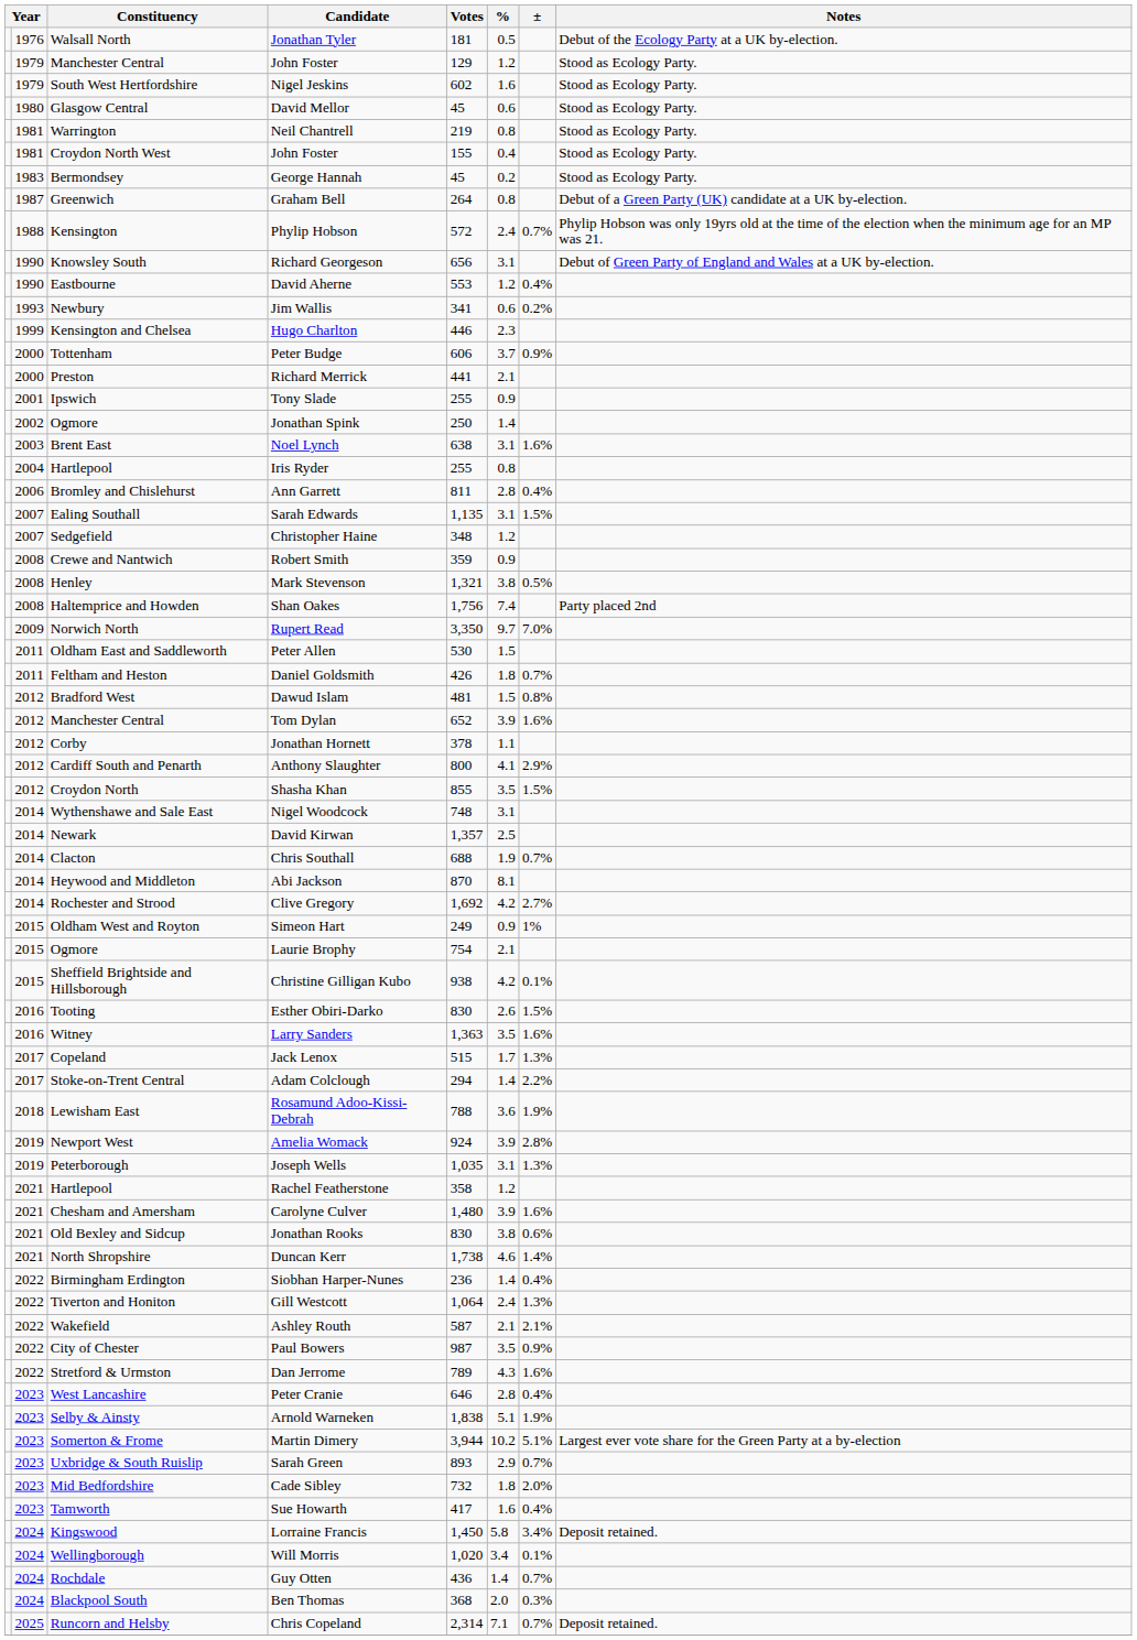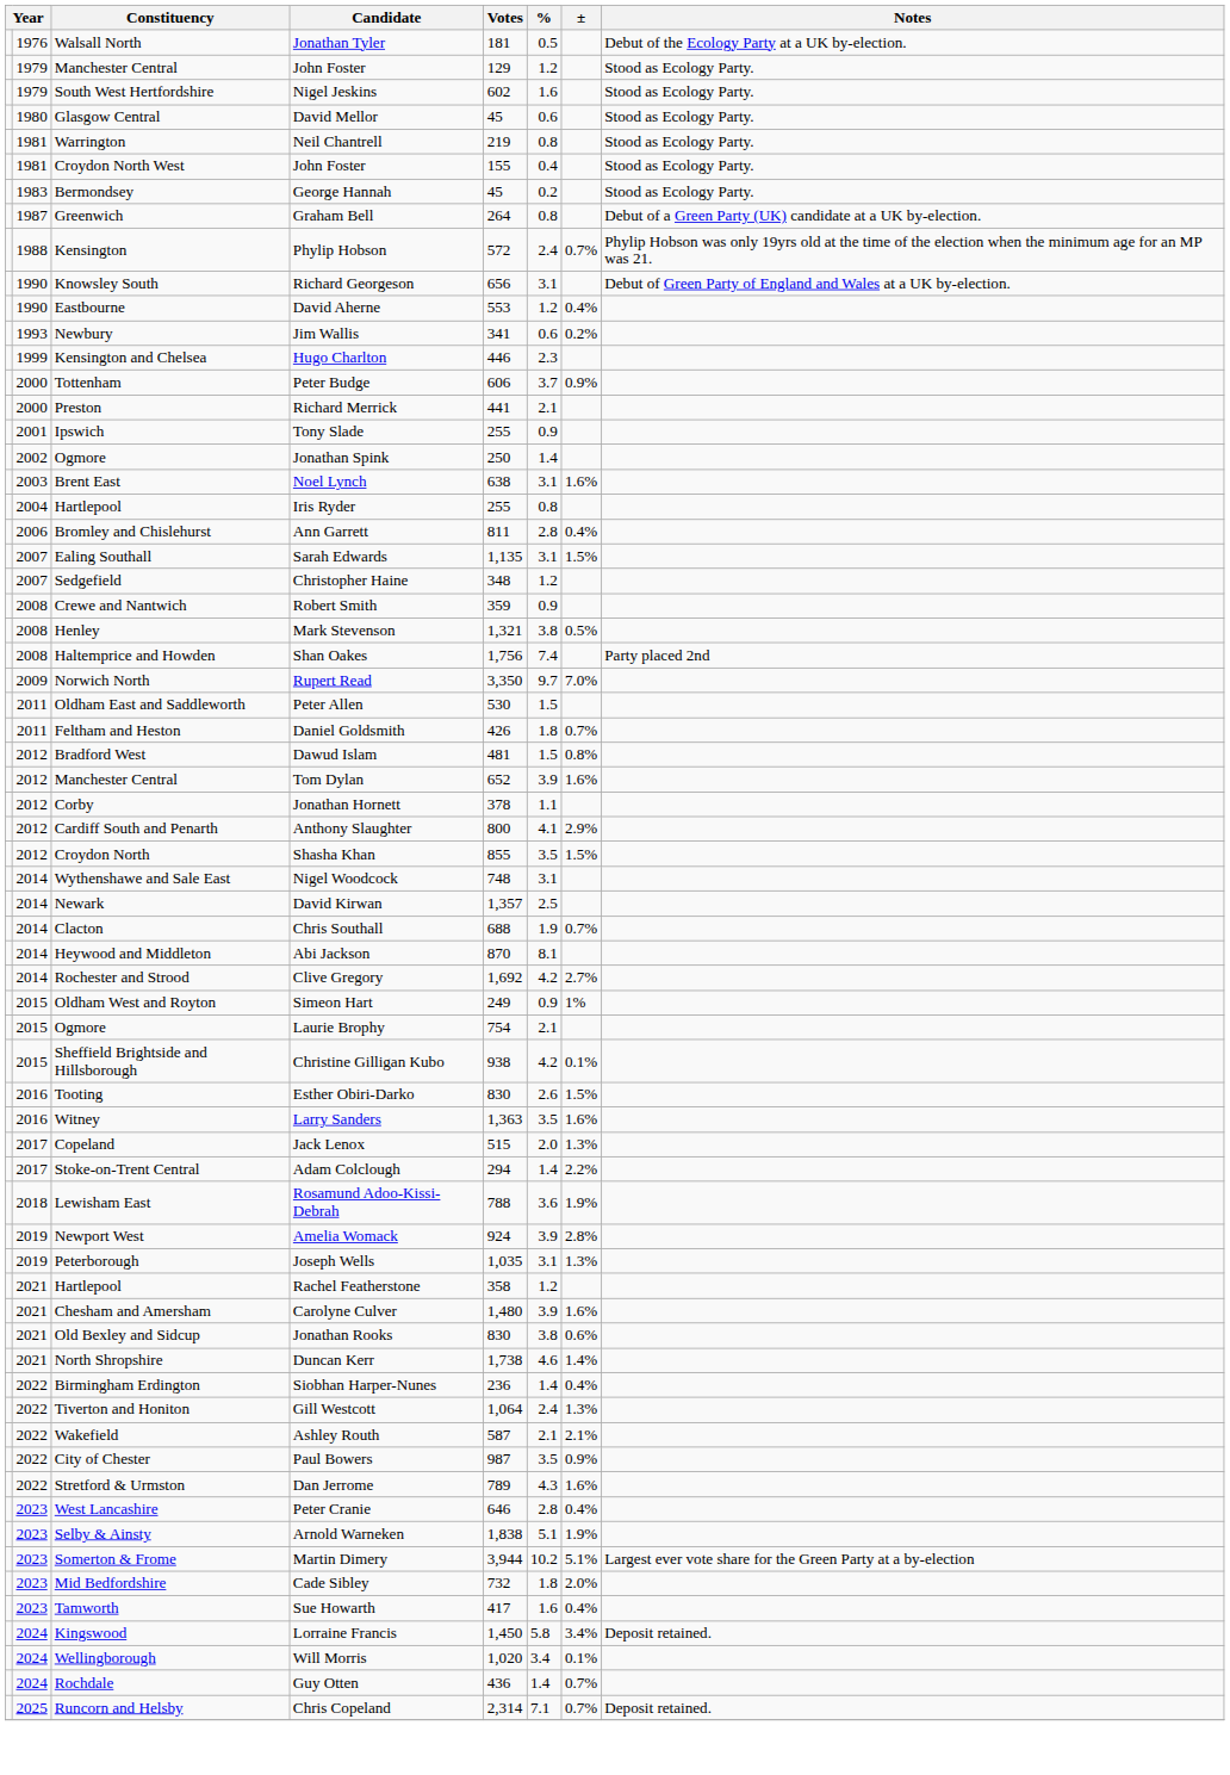 <table class="wikitable sortable ">
 <tr>
 <th colspan="2">Year</th>
 <th>Constituency</th>
 <th>Candidate</th>
 <th>Votes</th>
 <th>%</th>
 <th>±</th>
 <th>Notes</th>
 </tr>
 <tr>
 <td style="color:inherit;background:"></td>
 <td style="text-align:right">1976</td>
 <td>Walsall North</td>
 <td><a href='#'>Jonathan Tyler</a></td>
 <td>181</td>
 <td style="text-align:right">0.5</td>
 <td></td>
 <td>Debut of the <a href='#'>Ecology Party</a> at a UK by-election.</td>
 </tr>
 <tr>
 <td style="color:inherit;background:"></td>
 <td style="text-align:right">1979</td>
 <td>Manchester Central</td>
 <td>John Foster</td>
 <td>129</td>
 <td style="text-align:right">1.2</td>
 <td></td>
 <td>Stood as Ecology Party.</td>
 </tr>
 <tr>
 <td style="color:inherit;background:"></td>
 <td style="text-align:right">1979</td>
 <td>South West Hertfordshire</td>
 <td>Nigel Jeskins</td>
 <td>602</td>
 <td style="text-align:right">1.6</td>
 <td></td>
 <td>Stood as Ecology Party.</td>
 </tr>
 <tr>
 <td style="color:inherit;background:"></td>
 <td style="text-align:right">1980</td>
 <td>Glasgow Central</td>
 <td>David Mellor</td>
 <td>45</td>
 <td style="text-align:right">0.6</td>
 <td></td>
 <td>Stood as Ecology Party.</td>
 </tr>
 <tr>
 <td style="color:inherit;background:"></td>
 <td style="text-align:right">1981</td>
 <td>Warrington</td>
 <td>Neil Chantrell</td>
 <td>219</td>
 <td style="text-align:right">0.8</td>
 <td></td>
 <td>Stood as Ecology Party.</td>
 </tr>
 <tr>
 <td style="color:inherit;background:"></td>
 <td style="text-align:right">1981</td>
 <td>Croydon North West</td>
 <td>John Foster</td>
 <td>155</td>
 <td style="text-align:right">0.4</td>
 <td></td>
 <td>Stood as Ecology Party.</td>
 </tr>
 <tr>
 <td style="color:inherit;background:"></td>
 <td style="text-align:right">1983</td>
 <td>Bermondsey</td>
 <td>George Hannah</td>
 <td>45</td>
 <td style="text-align:right">0.2</td>
 <td></td>
 <td>Stood as Ecology Party.</td>
 </tr>
 <tr>
 <td style="color:inherit;background:"></td>
 <td style="text-align:right">1987</td>
 <td>Greenwich</td>
 <td>Graham Bell</td>
 <td>264</td>
 <td style="text-align:right">0.8</td>
 <td></td>
 <td>Debut of a <a href='#'>Green Party (UK)</a> candidate at a UK by-election.</td>
 </tr>
 <tr>
 <td style="color:inherit;background:"></td>
 <td style="text-align:right">1988</td>
 <td>Kensington</td>
 <td>Phylip Hobson</td>
 <td>572</td>
 <td style="text-align:right">2.4</td>
 <td>0.7%</td>
 <td>Phylip Hobson was only 19yrs old at the time of the election when the minimum age for an MP was 21.</td>
 </tr>
 <tr>
 <td style="color:inherit;background:"></td>
 <td style="text-align:right">1990</td>
 <td>Knowsley South</td>
 <td>Richard Georgeson</td>
 <td>656</td>
 <td style="text-align:right">3.1</td>
 <td></td>
 <td>Debut of <a href='#'>Green Party of England and Wales</a> at a UK by-election.</td>
 </tr>
 <tr>
 <td style="color:inherit;background:"></td>
 <td style="text-align:right">1990</td>
 <td>Eastbourne</td>
 <td>David Aherne</td>
 <td>553</td>
 <td style="text-align:right">1.2</td>
 <td>0.4%</td>
 <td></td>
 </tr>
 <tr>
 <td style="color:inherit;background:"></td>
 <td style="text-align:right">1993</td>
 <td>Newbury</td>
 <td>Jim Wallis</td>
 <td>341</td>
 <td style="text-align:right">0.6</td>
 <td>0.2%</td>
 <td></td>
 </tr>
 <tr>
 <td style="color:inherit;background:"></td>
 <td style="text-align:right">1999</td>
 <td>Kensington and Chelsea</td>
 <td><a href='#'>Hugo Charlton</a></td>
 <td>446</td>
 <td style="text-align:right">2.3</td>
 <td></td>
 <td></td>
 </tr>
 <tr>
 <td style="color:inherit;background:"></td>
 <td style="text-align:right">2000</td>
 <td>Tottenham</td>
 <td>Peter Budge</td>
 <td>606</td>
 <td style="text-align:right">3.7</td>
 <td>0.9%</td>
 <td></td>
 </tr>
 <tr>
 <td style="color:inherit;background:"></td>
 <td style="text-align:right">2000</td>
 <td>Preston</td>
 <td>Richard Merrick</td>
 <td>441</td>
 <td style="text-align:right">2.1</td>
 <td></td>
 <td></td>
 </tr>
 <tr>
 <td style="color:inherit;background:"></td>
 <td style="text-align:right">2001</td>
 <td>Ipswich</td>
 <td>Tony Slade</td>
 <td>255</td>
 <td style="text-align:right">0.9</td>
 <td></td>
 <td></td>
 </tr>
 <tr>
 <td style="color:inherit;background:"></td>
 <td style="text-align:right">2002</td>
 <td>Ogmore</td>
 <td>Jonathan Spink</td>
 <td>250</td>
 <td style="text-align:right">1.4</td>
 <td></td>
 <td></td>
 </tr>
 <tr>
 <td style="color:inherit;background:"></td>
 <td style="text-align:right">2003</td>
 <td>Brent East</td>
 <td><a href='#'>Noel Lynch</a></td>
 <td>638</td>
 <td style="text-align:right">3.1</td>
 <td>1.6%</td>
 <td></td>
 </tr>
 <tr>
 <td style="color:inherit;background:"></td>
 <td style="text-align:right">2004</td>
 <td>Hartlepool</td>
 <td>Iris Ryder</td>
 <td>255</td>
 <td style="text-align:right">0.8</td>
 <td></td>
 <td></td>
 </tr>
 <tr>
 <td style="color:inherit;background:"></td>
 <td style="text-align:right">2006</td>
 <td>Bromley and Chislehurst</td>
 <td>Ann Garrett</td>
 <td>811</td>
 <td style="text-align:right">2.8</td>
 <td>0.4%</td>
 <td></td>
 </tr>
 <tr>
 <td style="color:inherit;background:"></td>
 <td style="text-align:right">2007</td>
 <td>Ealing Southall</td>
 <td>Sarah Edwards</td>
 <td>1,135</td>
 <td style="text-align:right">3.1</td>
 <td>1.5%</td>
 <td></td>
 </tr>
 <tr>
 <td style="color:inherit;background:"></td>
 <td style="text-align:right">2007</td>
 <td>Sedgefield</td>
 <td>Christopher Haine</td>
 <td>348</td>
 <td style="text-align:right">1.2</td>
 <td></td>
 <td></td>
 </tr>
 <tr>
 <td style="color:inherit;background:"></td>
 <td style="text-align:right">2008</td>
 <td>Crewe and Nantwich</td>
 <td>Robert Smith</td>
 <td>359</td>
 <td style="text-align:right">0.9</td>
 <td></td>
 <td></td>
 </tr>
 <tr>
 <td style="color:inherit;background:"></td>
 <td style="text-align:right">2008</td>
 <td>Henley</td>
 <td>Mark Stevenson</td>
 <td>1,321</td>
 <td style="text-align:right">3.8</td>
 <td>0.5%</td>
 <td></td>
 </tr>
 <tr>
 <td style="color:inherit;background:"></td>
 <td style="text-align:right">2008</td>
 <td>Haltemprice and Howden</td>
 <td>Shan Oakes</td>
 <td>1,756</td>
 <td style="text-align:right">7.4</td>
 <td></td>
 <td>Party placed 2nd</td>
 </tr>
 <tr>
 <td style="color:inherit;background:"></td>
 <td style="text-align:right">2009</td>
 <td>Norwich North</td>
 <td><a href='#'>Rupert Read</a></td>
 <td>3,350</td>
 <td style="text-align:right">9.7</td>
 <td>7.0%</td>
 <td></td>
 </tr>
 <tr>
 <td style="color:inherit;background:"></td>
 <td style="text-align:right">2011</td>
 <td>Oldham East and Saddleworth</td>
 <td>Peter Allen</td>
 <td>530</td>
 <td style="text-align:right">1.5</td>
 <td></td>
 <td></td>
 </tr>
 <tr>
 <td style="color:inherit;background:"></td>
 <td style="text-align:right">2011</td>
 <td>Feltham and Heston</td>
 <td>Daniel Goldsmith</td>
 <td>426</td>
 <td style="text-align:right">1.8</td>
 <td>0.7%</td>
 <td></td>
 </tr>
 <tr>
 <td style="color:inherit;background:"></td>
 <td style="text-align:right">2012</td>
 <td>Bradford West</td>
 <td>Dawud Islam</td>
 <td>481</td>
 <td style="text-align:right">1.5</td>
 <td>0.8%</td>
 <td></td>
 </tr>
 <tr>
 <td style="color:inherit;background:"></td>
 <td style="text-align:right">2012</td>
 <td>Manchester Central</td>
 <td>Tom Dylan</td>
 <td>652</td>
 <td style="text-align:right">3.9</td>
 <td>1.6%</td>
 <td></td>
 </tr>
 <tr>
 <td style="color:inherit;background:"></td>
 <td style="text-align:right">2012</td>
 <td>Corby</td>
 <td>Jonathan Hornett</td>
 <td>378</td>
 <td style="text-align:right">1.1</td>
 <td></td>
 <td></td>
 </tr>
 <tr>
 <td style="color:inherit;background:"></td>
 <td style="text-align:right">2012</td>
 <td>Cardiff South and Penarth</td>
 <td>Anthony Slaughter</td>
 <td>800</td>
 <td style="text-align:right">4.1</td>
 <td>2.9%</td>
 <td></td>
 </tr>
 <tr>
 <td style="color:inherit;background:"></td>
 <td style="text-align:right">2012</td>
 <td>Croydon North</td>
 <td>Shasha Khan</td>
 <td>855</td>
 <td style="text-align:right">3.5</td>
 <td>1.5%</td>
 <td></td>
 </tr>
 <tr>
 <td style="color:inherit;background:"></td>
 <td style="text-align:right">2014</td>
 <td>Wythenshawe and Sale East</td>
 <td>Nigel Woodcock</td>
 <td>748</td>
 <td style="text-align:right">3.1</td>
 <td></td>
 <td></td>
 </tr>
 <tr>
 <td style="color:inherit;background:"></td>
 <td style="text-align:right">2014</td>
 <td>Newark</td>
 <td>David Kirwan</td>
 <td>1,357</td>
 <td style="text-align:right">2.5</td>
 <td></td>
 <td></td>
 </tr>
 <tr>
 <td style="color:inherit;background:"></td>
 <td style="text-align:right">2014</td>
 <td>Clacton</td>
 <td>Chris Southall</td>
 <td>688</td>
 <td style="text-align:right">1.9</td>
 <td>0.7%</td>
 <td></td>
 </tr>
 <tr>
 <td style="color:inherit;background:"></td>
 <td style="text-align:right">2014</td>
 <td>Heywood and Middleton</td>
 <td>Abi Jackson</td>
 <td>870</td>
 <td style="text-align:right">8.1</td>
 <td></td>
 <td></td>
 </tr>
 <tr>
 <td style="color:inherit;background:"></td>
 <td style="text-align:right">2014</td>
 <td>Rochester and Strood</td>
 <td>Clive Gregory</td>
 <td>1,692</td>
 <td style="text-align:right">4.2</td>
 <td>2.7%</td>
 <td></td>
 </tr>
 <tr>
 <td style="color:inherit;background:"></td>
 <td style="text-align:right">2015</td>
 <td>Oldham West and Royton</td>
 <td>Simeon Hart</td>
 <td>249</td>
 <td style="text-align:right">0.9</td>
 <td>1%</td>
 <td></td>
 </tr>
 <tr>
 <td style="color:inherit;background:"></td>
 <td style="text-align:right">2015</td>
 <td>Ogmore</td>
 <td>Laurie Brophy</td>
 <td>754</td>
 <td style="text-align:right">2.1</td>
 <td></td>
 <td></td>
 </tr>
 <tr>
 <td style="color:inherit;background:"></td>
 <td style="text-align:right">2015</td>
 <td>Sheffield Brightside and Hillsborough</td>
 <td>Christine Gilligan Kubo</td>
 <td>938</td>
 <td style="text-align:right">4.2</td>
 <td>0.1%</td>
 <td></td>
 </tr>
 <tr>
 <td style="color:inherit;background:"></td>
 <td style="text-align:right">2016</td>
 <td>Tooting</td>
 <td>Esther Obiri-Darko</td>
 <td>830</td>
 <td style="text-align:right">2.6</td>
 <td>1.5%</td>
 <td></td>
 </tr>
 <tr>
 <td style="color:inherit;background:"></td>
 <td style="text-align:right">2016</td>
 <td>Witney</td>
 <td><a href='#'>Larry Sanders</a></td>
 <td>1,363</td>
 <td style="text-align:right">3.5</td>
 <td>1.6%</td>
 <td></td>
 </tr>
 <tr>
 <td style="color:inherit;background:"></td>
 <td style="text-align:right">2017</td>
 <td>Copeland</td>
 <td>Jack Lenox</td>
 <td>515</td>
-<td style="text-align:right">1.7</td>
+<td style="text-align:right">2.0</td>
 <td>1.3%</td>
 <td></td>
 </tr>
 <tr>
 <td style="color:inherit;background:"></td>
 <td style="text-align:right">2017</td>
 <td>Stoke-on-Trent Central</td>
 <td>Adam Colclough</td>
 <td>294</td>
 <td style="text-align:right">1.4</td>
 <td>2.2%</td>
 <td></td>
 </tr>
 <tr>
 <td style="color:inherit;background:"></td>
 <td style="text-align:right">2018</td>
 <td>Lewisham East</td>
 <td><a href='#'>Rosamund Adoo-Kissi-Debrah</a></td>
 <td>788</td>
 <td style="text-align:right">3.6</td>
 <td>1.9%</td>
 <td></td>
 </tr>
 <tr>
 <td style="color:inherit;background:"></td>
 <td style="text-align:right">2019</td>
 <td>Newport West</td>
 <td><a href='#'>Amelia Womack</a></td>
 <td>924</td>
 <td style="text-align:right">3.9</td>
 <td>2.8%</td>
 <td></td>
 </tr>
 <tr>
 <td style="color:inherit;background:"></td>
 <td style="text-align:right">2019</td>
 <td>Peterborough</td>
 <td>Joseph Wells</td>
 <td>1,035</td>
 <td style="text-align:right">3.1</td>
 <td>1.3%</td>
 <td></td>
 </tr>
 <tr>
 <td style="color:inherit;background:"></td>
 <td style="text-align:right">2021</td>
 <td>Hartlepool</td>
 <td>Rachel Featherstone</td>
 <td>358</td>
 <td style="text-align:right">1.2</td>
 <td></td>
 <td></td>
 </tr>
 <tr>
 <td style="color:inherit;background:"></td>
 <td style="text-align:right">2021</td>
 <td>Chesham and Amersham</td>
 <td>Carolyne Culver</td>
 <td>1,480</td>
 <td style="text-align:right">3.9</td>
 <td>1.6%</td>
 <td></td>
 </tr>
 <tr>
 <td style="color:inherit;background:"></td>
 <td style="text-align:right">2021</td>
 <td>Old Bexley and Sidcup</td>
 <td>Jonathan Rooks</td>
 <td>830</td>
 <td style="text-align:right">3.8</td>
 <td>0.6%</td>
 <td></td>
 </tr>
 <tr>
 <td style="color:inherit;background:"></td>
 <td style="text-align:right">2021</td>
 <td>North Shropshire</td>
 <td>Duncan Kerr</td>
 <td>1,738</td>
 <td style="text-align:right">4.6</td>
 <td>1.4%</td>
 <td></td>
 </tr>
 <tr>
 <td style="color:inherit;background:"></td>
 <td style="text-align:right">2022</td>
 <td>Birmingham Erdington</td>
 <td>Siobhan Harper-Nunes</td>
 <td>236</td>
 <td style="text-align:right">1.4</td>
 <td>0.4%</td>
 <td></td>
 </tr>
 <tr>
 <td style="color:inherit;background:"></td>
 <td style="text-align:right">2022</td>
 <td>Tiverton and Honiton</td>
 <td>Gill Westcott</td>
 <td>1,064</td>
 <td style="text-align:right">2.4</td>
 <td>1.3%</td>
 <td></td>
 </tr>
 <tr>
 <td style="color:inherit;background:"></td>
 <td style="text-align:right">2022</td>
 <td>Wakefield</td>
 <td>Ashley Routh</td>
 <td>587</td>
 <td style="text-align:right">2.1</td>
 <td>2.1%</td>
 <td></td>
 </tr>
 <tr>
 <td style="color:inherit;background:"></td>
 <td style="text-align:right">2022</td>
 <td>City of Chester</td>
 <td>Paul Bowers</td>
 <td>987</td>
 <td style="text-align:right">3.5</td>
 <td>0.9%</td>
 <td></td>
 </tr>
 <tr>
 <td style="color:inherit;background:"></td>
 <td style="text-align:right">2022</td>
 <td>Stretford & Urmston</td>
 <td>Dan Jerrome</td>
 <td>789</td>
 <td style="text-align:right">4.3</td>
 <td>1.6%</td>
 <td></td>
 </tr>
 <tr>
 <td style="color:inherit;background:"></td>
 <td style="text-align:right"><a href='#'>2023</a></td>
 <td><a href='#'>West Lancashire</a></td>
 <td>Peter Cranie</td>
 <td>646</td>
 <td style="text-align:right">2.8</td>
 <td>0.4%</td>
 <td></td>
 </tr>
 <tr>
 <td style="color:inherit;background:"></td>
 <td style="text-align:right"><a href='#'>2023</a></td>
 <td><a href='#'>Selby & Ainsty</a></td>
 <td>Arnold Warneken</td>
 <td>1,838</td>
 <td style="text-align:right">5.1</td>
 <td>1.9%</td>
 <td></td>
 </tr>
 <tr>
 <td style="color:inherit;background:"></td>
 <td style="text-align:right"><a href='#'>2023</a></td>
 <td><a href='#'>Somerton & Frome</a></td>
 <td>Martin Dimery</td>
 <td>3,944</td>
 <td style="text-align:right">10.2</td>
 <td>5.1%</td>
 <td>Largest ever vote share for the Green Party at a by-election</td>
 </tr>
 <tr>
 <td style="color:inherit;background:"></td>
 <td style="text-align:right"><a href='#'>2023</a></td>
-<td><a href='#'>Uxbridge & South Ruislip</a></td>
-<td>Sarah Green</td>
-<td>893</td>
-<td style="text-align:right">2.9</td>
-<td>0.7%</td>
-<td></td>
-</tr>
-<tr>
-<td style="color:inherit;background:"></td>
-<td style="text-align:right"><a href='#'>2023</a></td>
 <td><a href='#'>Mid Bedfordshire</a></td>
 <td>Cade Sibley</td>
 <td>732</td>
 <td style="text-align:right">1.8</td>
 <td>2.0%</td>
 <td></td>
 </tr>
 <tr>
 <td style="color:inherit;background:"></td>
 <td style="text-align:right"><a href='#'>2023</a></td>
 <td><a href='#'>Tamworth</a></td>
 <td>Sue Howarth</td>
 <td>417</td>
 <td style="text-align:right">1.6</td>
 <td>0.4%</td>
 <td></td>
 </tr>
 <tr>
 <td style="color:inherit;background:"></td>
 <td><a href='#'>2024</a></td>
 <td><a href='#'>Kingswood</a></td>
 <td>Lorraine Francis</td>
 <td>1,450</td>
 <td>5.8</td>
 <td>3.4%</td>
 <td>Deposit retained.</td>
 </tr>
 <tr>
 <td style="color:inherit;background:"></td>
 <td><a href='#'>2024</a></td>
 <td><a href='#'>Wellingborough</a></td>
 <td>Will Morris</td>
 <td>1,020</td>
 <td>3.4</td>
 <td>0.1%</td>
 <td></td>
 </tr>
 <tr>
 <td style="color:inherit;background:"></td>
 <td><a href='#'>2024</a></td>
 <td><a href='#'>Rochdale</a></td>
 <td>Guy Otten</td>
 <td>436</td>
 <td>1.4</td>
 <td>0.7%</td>
 <td></td>
 </tr>
 <tr>
 <td style="color:inherit;background:"></td>
-<td><a href='#'>2024</a></td>
-<td><a href='#'>Blackpool South</a></td>
-<td>Ben Thomas</td>
-<td>368</td>
-<td>2.0</td>
-<td>0.3%</td>
-<td></td>
-</tr>
-<tr>
-<td style="color:inherit;background:"></td>
 <td><a href='#'>2025</a></td>
 <td><a href='#'>Runcorn and Helsby</a></td>
 <td>Chris Copeland</td>
 <td>2,314</td>
 <td>7.1</td>
 <td>0.7%</td>
 <td>Deposit retained.</td>
 </tr>
 <tr>
 </tr>
 </table>
